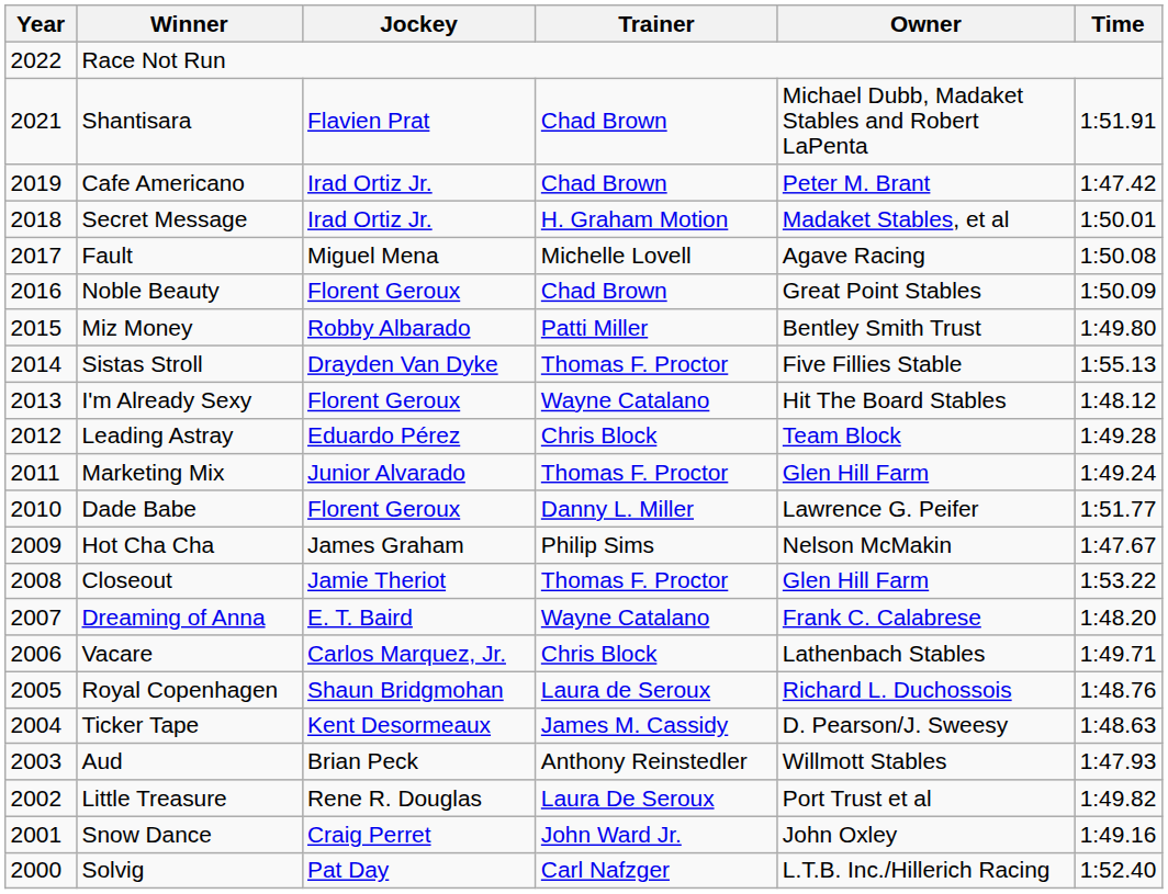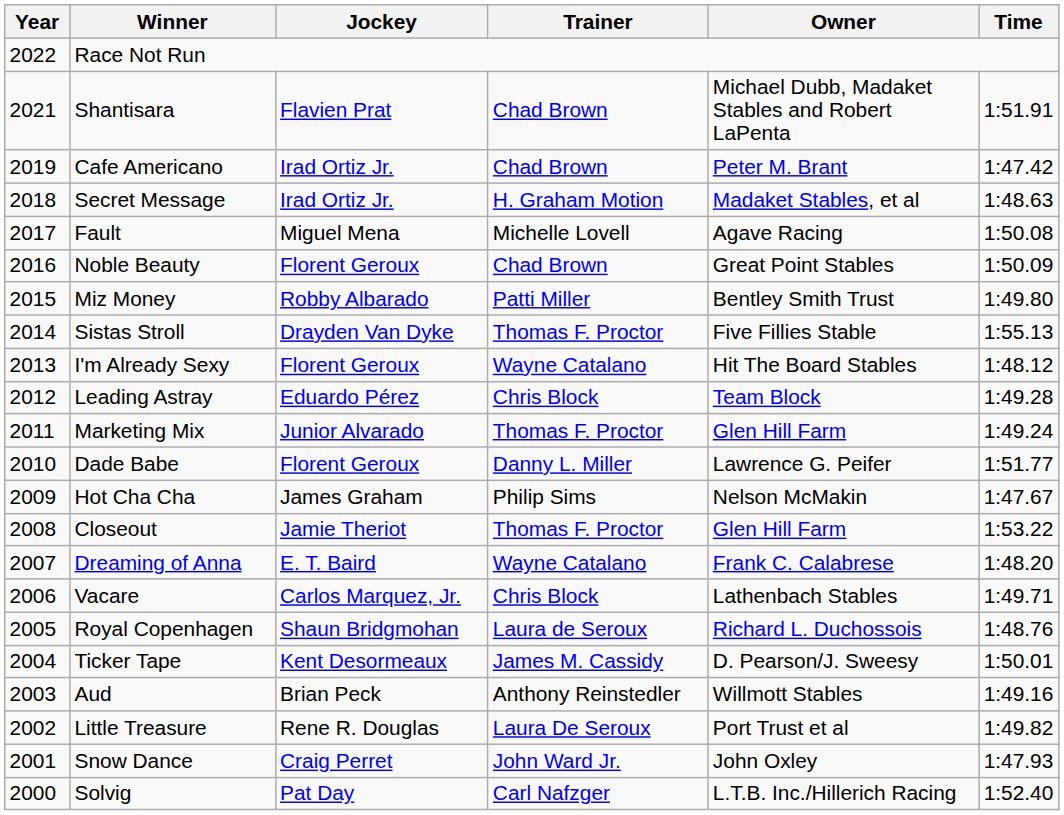 <table class="wikitable sortable" style="font-size:90%">
 <tr>
 <th style="width:38px">Year<br></th>
 <th style="width:135px">Winner<br></th>
 <th style="width:140px">Jockey<br></th>
 <th style="width:145px">Trainer<br></th>
 <th style="width:180px">Owner<br></th>
 <th>Time</th>
 </tr>
 <tr>
 <td>2022</td>
 <td colspan="5">Race Not Run</td>
 </tr>
 <tr>
 <td>2021</td>
 <td>Shantisara</td>
 <td><a href='#'>Flavien Prat</a></td>
 <td><a href='#'>Chad Brown</a></td>
 <td>Michael Dubb, Madaket Stables and Robert LaPenta</td>
 <td>1:51.91</td>
 </tr>
 <tr>
 <td>2019</td>
 <td>Cafe Americano</td>
 <td><a href='#'>Irad Ortiz Jr.</a></td>
 <td><a href='#'>Chad Brown</a></td>
 <td><a href='#'>Peter M. Brant</a></td>
 <td>1:47.42</td>
 </tr>
 <tr>
 <td>2018</td>
 <td>Secret Message</td>
 <td><a href='#'>Irad Ortiz Jr.</a></td>
 <td><a href='#'>H. Graham Motion</a></td>
 <td><a href='#'>Madaket Stables</a>, et al</td>
-<td>1:50.01</td>
+<td>1:48.63</td>
 </tr>
 <tr>
 <td>2017</td>
 <td>Fault</td>
 <td>Miguel Mena</td>
 <td>Michelle Lovell</td>
 <td>Agave Racing</td>
 <td>1:50.08</td>
 </tr>
 <tr>
 <td>2016</td>
 <td>Noble Beauty</td>
 <td><a href='#'>Florent Geroux</a></td>
 <td><a href='#'>Chad Brown</a></td>
 <td>Great Point Stables</td>
 <td>1:50.09</td>
 </tr>
 <tr>
 <td>2015</td>
 <td>Miz Money</td>
 <td><a href='#'>Robby Albarado</a></td>
 <td><a href='#'>Patti Miller</a></td>
 <td>Bentley Smith Trust</td>
 <td>1:49.80</td>
 </tr>
 <tr>
 <td>2014</td>
 <td>Sistas Stroll</td>
 <td><a href='#'>Drayden Van Dyke</a></td>
 <td><a href='#'>Thomas F. Proctor</a></td>
 <td>Five Fillies Stable</td>
 <td>1:55.13</td>
 </tr>
 <tr>
 <td>2013</td>
 <td>I'm Already Sexy</td>
 <td><a href='#'>Florent Geroux</a></td>
 <td><a href='#'>Wayne Catalano</a></td>
 <td>Hit The Board Stables</td>
 <td>1:48.12</td>
 </tr>
 <tr>
 <td>2012</td>
 <td>Leading Astray</td>
 <td><a href='#'>Eduardo Pérez</a></td>
 <td><a href='#'>Chris Block</a></td>
 <td><a href='#'>Team Block</a></td>
 <td>1:49.28</td>
 </tr>
 <tr>
 <td>2011</td>
 <td>Marketing Mix</td>
 <td><a href='#'>Junior Alvarado</a></td>
 <td><a href='#'>Thomas F. Proctor</a></td>
 <td><a href='#'>Glen Hill Farm</a></td>
 <td>1:49.24</td>
 </tr>
 <tr>
 <td>2010</td>
 <td>Dade Babe</td>
 <td><a href='#'>Florent Geroux</a></td>
 <td><a href='#'>Danny L. Miller</a></td>
 <td>Lawrence G. Peifer</td>
 <td>1:51.77</td>
 </tr>
 <tr>
 <td>2009</td>
 <td>Hot Cha Cha</td>
 <td>James Graham</td>
 <td>Philip Sims</td>
 <td>Nelson McMakin</td>
 <td>1:47.67</td>
 </tr>
 <tr>
 <td>2008</td>
 <td>Closeout</td>
 <td><a href='#'>Jamie Theriot</a></td>
 <td><a href='#'>Thomas F. Proctor</a></td>
 <td><a href='#'>Glen Hill Farm</a></td>
 <td>1:53.22</td>
 </tr>
 <tr>
 <td>2007</td>
 <td><a href='#'>Dreaming of Anna</a></td>
 <td><a href='#'>E. T. Baird</a></td>
 <td><a href='#'>Wayne Catalano</a></td>
 <td><a href='#'>Frank C. Calabrese</a></td>
 <td>1:48.20</td>
 </tr>
 <tr>
 <td>2006</td>
 <td>Vacare</td>
 <td><a href='#'>Carlos Marquez, Jr.</a></td>
 <td><a href='#'>Chris Block</a></td>
 <td>Lathenbach Stables</td>
 <td>1:49.71</td>
 </tr>
 <tr>
 <td>2005</td>
 <td>Royal Copenhagen</td>
 <td><a href='#'>Shaun Bridgmohan</a></td>
 <td><a href='#'>Laura de Seroux</a></td>
 <td><a href='#'>Richard L. Duchossois</a></td>
 <td>1:48.76</td>
 </tr>
 <tr>
 <td>2004</td>
 <td>Ticker Tape</td>
 <td><a href='#'>Kent Desormeaux</a></td>
 <td><a href='#'>James M. Cassidy</a></td>
 <td>D. Pearson/J. Sweesy</td>
-<td>1:48.63</td>
+<td>1:50.01</td>
 </tr>
 <tr>
 <td>2003</td>
 <td>Aud</td>
 <td>Brian Peck</td>
 <td>Anthony Reinstedler</td>
 <td>Willmott Stables</td>
-<td>1:47.93</td>
+<td>1:49.16</td>
 </tr>
 <tr>
 <td>2002</td>
 <td>Little Treasure</td>
 <td>Rene R. Douglas</td>
 <td><a href='#'>Laura De Seroux</a></td>
 <td>Port Trust et al</td>
 <td>1:49.82</td>
 </tr>
 <tr>
 <td>2001</td>
 <td>Snow Dance</td>
 <td><a href='#'>Craig Perret</a></td>
 <td><a href='#'>John Ward Jr.</a></td>
 <td>John Oxley</td>
-<td>1:49.16</td>
+<td>1:47.93</td>
 </tr>
 <tr>
 <td>2000</td>
 <td>Solvig</td>
 <td><a href='#'>Pat Day</a></td>
 <td><a href='#'>Carl Nafzger</a></td>
 <td>L.T.B. Inc./Hillerich Racing</td>
 <td>1:52.40</td>
 </tr>
 </table>
